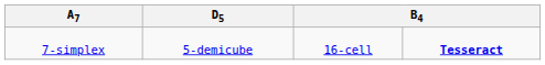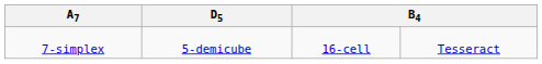 <table class=wikitable width=600>
 <tr align=center>
 <th>A<sub>7</sub></th>
 <th>D<sub>5</sub></th>
 <th colspan=2>B<sub>4</sub></th>
 </tr>
 <tr align=center>
 <td><br><a href='#'>7-simplex</a></td>
 <td><br><a href='#'>5-demicube</a></td>
 <td><br><a href='#'>16-cell</a></td>
-<td><strong><br><a href='#'>Tesseract</a></strong></td>
+<td><br><a href='#'>Tesseract</a></td>
 </tr>
 </table>
